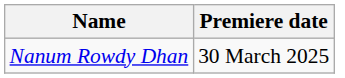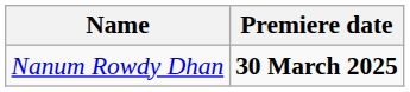 <table class="wikitable sortable">
 <tr>
 <th>Name</th>
 <th>Premiere date</th>
 </tr>
 <tr>
 <td><em><a href='#'>Nanum Rowdy Dhan</a></em></td>
-<td>30 March 2025</td>
+<td><strong>30 March 2025</strong></td>
 </tr>
 </table>
